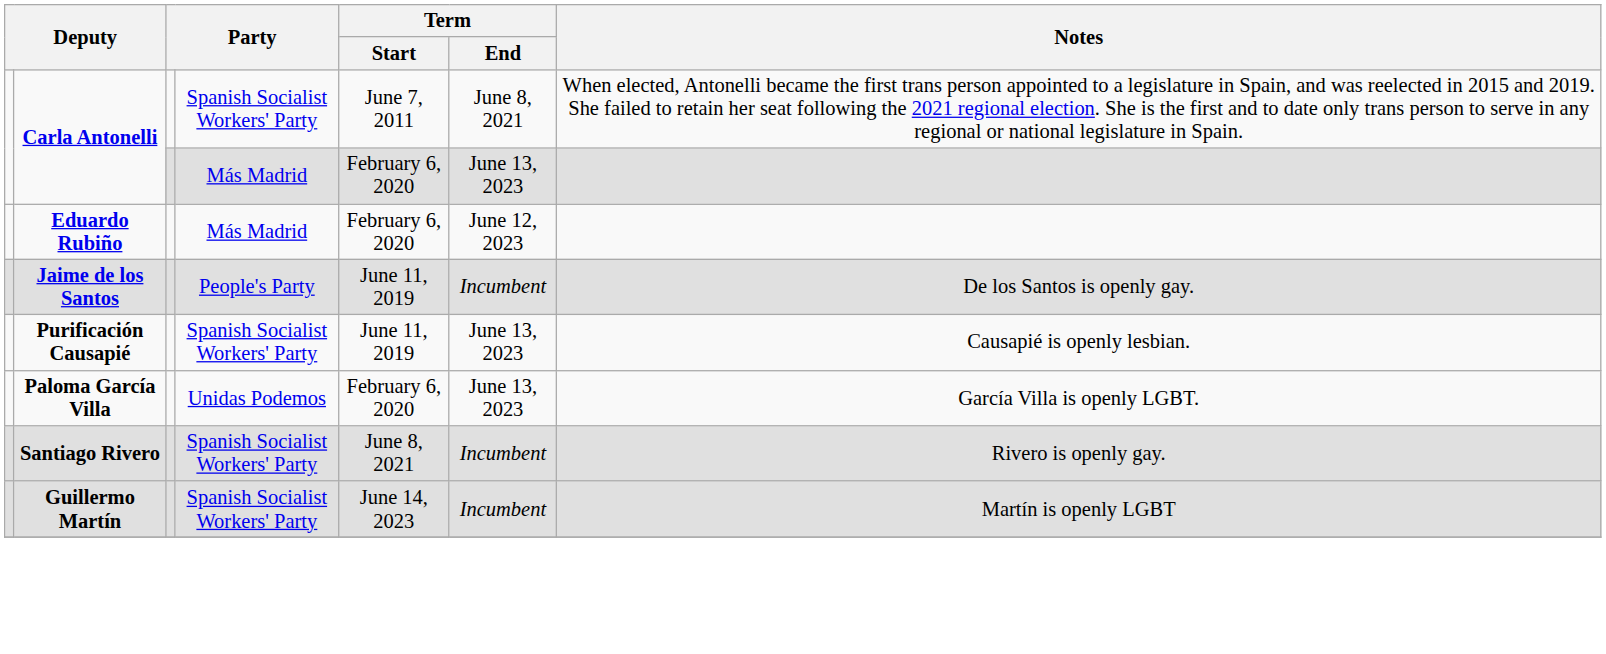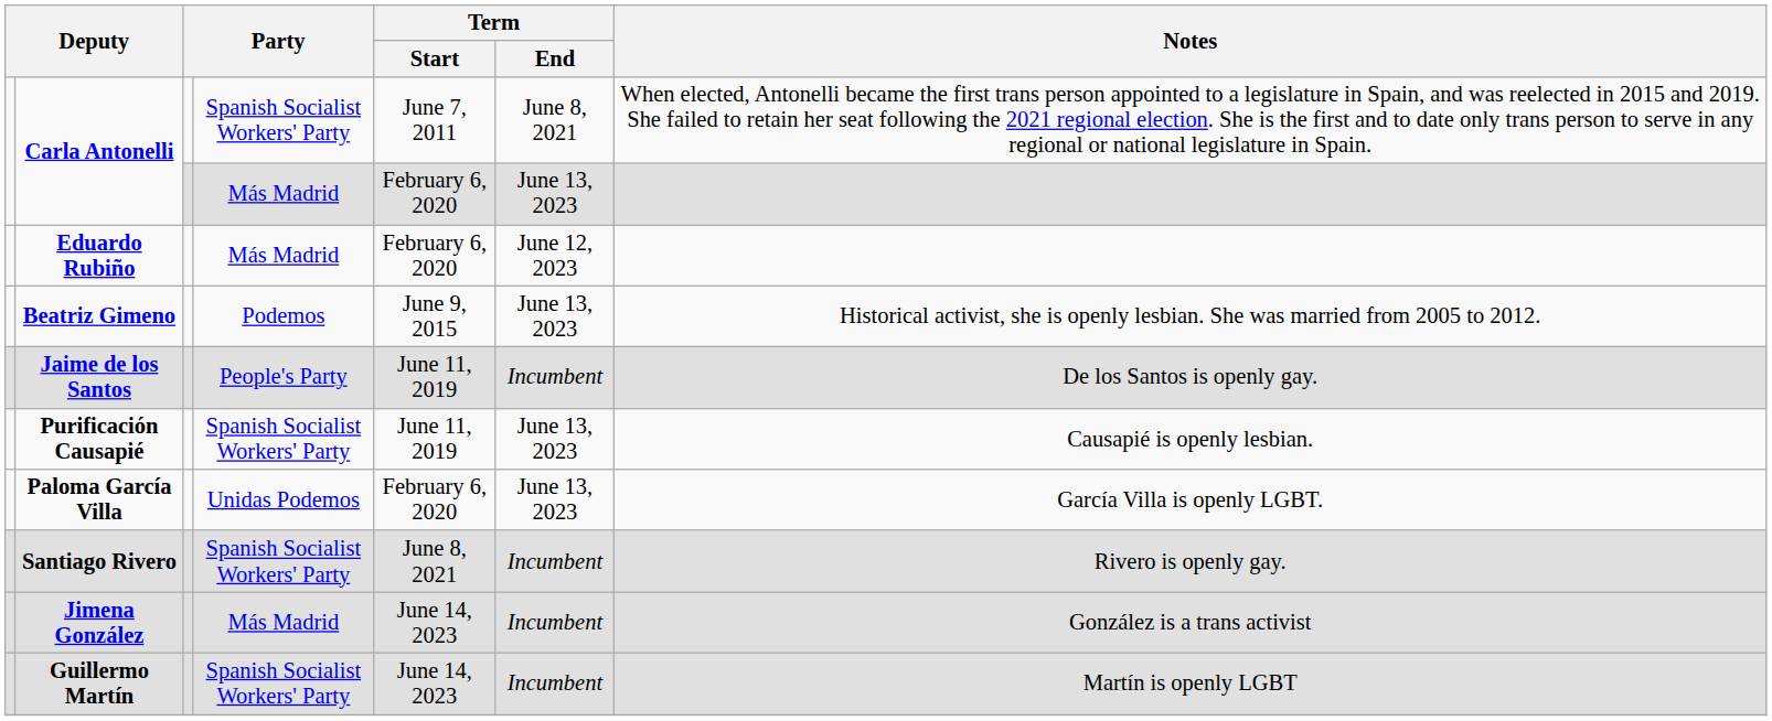 <table class="wikitable sortable" style="text-align:center">
 <tr>
 <th colspan="2" rowspan="2">Deputy</th>
 <th colspan="2" rowspan="2">Party</th>
 <th colspan="2">Term</th>
 <th rowspan="2">Notes</th>
 </tr>
 <tr>
 <th>Start</th>
 <th>End</th>
 </tr>
 <tr>
 <td rowspan="2"></td>
 <td rowspan="2"><strong><a href='#'>Carla Antonelli</a></strong></td>
 <td style="background-color:"></td>
 <td><a href='#'>Spanish Socialist Workers' Party</a></td>
 <td>June 7, 2011</td>
 <td>June 8, 2021</td>
 <td>When elected, Antonelli became the first trans person appointed to a legislature in Spain, and was reelected in 2015 and 2019. She failed to retain her seat following the <a href='#'>2021 regional election</a>. She is the first and to date only trans person to serve in any regional or national legislature in Spain.</td>
 </tr>
 <tr style="background:#e0e0e0">
 <td style="background-color:"></td>
 <td><a href='#'>Más Madrid</a></td>
 <td>February 6, 2020</td>
 <td>June 13, 2023</td>
 <td></td>
 </tr>
 <tr>
 <td></td>
 <td><strong><a href='#'>Eduardo Rubiño</a></strong></td>
 <td style="background-color:"></td>
 <td><a href='#'>Más Madrid</a></td>
 <td>February 6, 2020</td>
 <td>June 12, 2023</td>
 <td></td>
+</tr>
+<tr>
+<td></td>
+<td><strong><a href='#'>Beatriz Gimeno</a></strong></td>
+<td style="background-color:"></td>
+<td><a href='#'>Podemos</a></td>
+<td>June 9, 2015</td>
+<td>June 13, 2023</td>
+<td>Historical activist, she is openly lesbian. She was married from 2005 to 2012.</td>
 </tr>
 <tr style="background:#e0e0e0">
 <td></td>
 <td><strong><a href='#'>Jaime de los Santos</a></strong></td>
 <td style="background-color:"></td>
 <td><a href='#'>People's Party</a></td>
 <td>June 11, 2019</td>
 <td><em>Incumbent</em></td>
 <td>De los Santos is openly gay.</td>
 </tr>
 <tr>
 <td></td>
 <td><strong>Purificación Causapié</strong></td>
 <td style="background-color:"></td>
 <td><a href='#'>Spanish Socialist Workers' Party</a></td>
 <td>June 11, 2019</td>
 <td>June 13, 2023</td>
 <td>Causapié is openly lesbian.</td>
 </tr>
 <tr>
 <td></td>
 <td><strong>Paloma García Villa</strong></td>
 <td style="background-color:"></td>
 <td><a href='#'>Unidas Podemos</a></td>
 <td>February 6, 2020</td>
 <td>June 13, 2023</td>
 <td>García Villa is openly LGBT.</td>
 </tr>
 <tr style="background:#e0e0e0">
 <td></td>
 <td><strong>Santiago Rivero</strong></td>
 <td style="background-color:"></td>
 <td><a href='#'>Spanish Socialist Workers' Party</a></td>
 <td>June 8, 2021</td>
 <td><em>Incumbent</em></td>
 <td>Rivero is openly gay.</td>
 </tr>
 <tr style="background:#e0e0e0">
 <td></td>
+<td><strong><a href='#'>Jimena González</a></strong></td>
+<td style="background-color:"></td>
+<td><a href='#'>Más Madrid</a></td>
+<td>June 14, 2023</td>
+<td><em>Incumbent</em></td>
+<td>González is a trans activist</td>
+</tr>
+<tr style="background:#e0e0e0">
+<td></td>
 <td><strong>Guillermo Martín</strong></td>
 <td style="background-color:"></td>
 <td><a href='#'>Spanish Socialist Workers' Party</a></td>
 <td>June 14, 2023</td>
 <td><em>Incumbent</em></td>
 <td>Martín is openly LGBT</td>
 </tr>
 <tr>
 </tr>
 </table>
